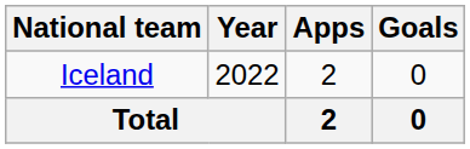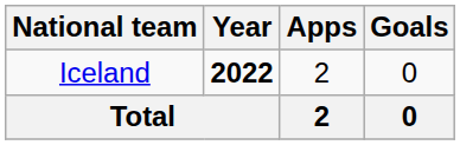 <table class="wikitable" style="text-align: center;">
 <tr>
 <th>National team</th>
 <th>Year</th>
 <th>Apps</th>
 <th>Goals</th>
 </tr>
 <tr>
 <td><a href='#'>Iceland</a></td>
-<td>2022</td>
+<td><strong>2022</strong></td>
 <td>2</td>
 <td>0</td>
 </tr>
 <tr>
 <th colspan="2">Total</th>
 <th>2</th>
 <th>0</th>
 </tr>
 </table>
